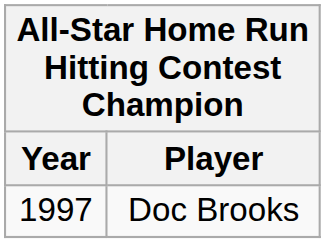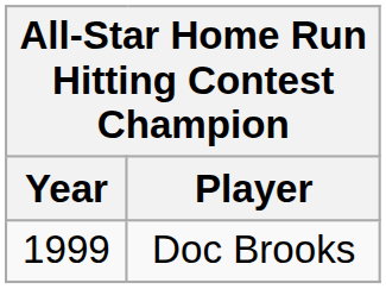 <table class="wikitable" style="display: inline-table; margin-right: 20px; text-align:center">
 <tr>
 <th scope="col" colspan="2" style="width: 145px;">All-Star Home Run Hitting Contest Champion</th>
 </tr>
 <tr>
 <th scope="col">Year</th>
 <th scope="col">Player</th>
 </tr>
 <tr>
-<td>1997</td>
+<td>1999</td>
 <td>Doc Brooks</td>
 </tr>
 <tr>
 </tr>
 </table>
